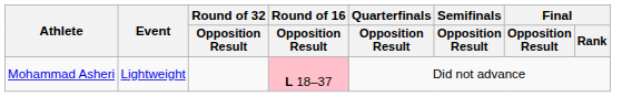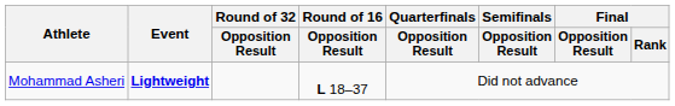 <table class="wikitable" style="font-size:90%">
 <tr>
 <th rowspan="2">Athlete</th>
 <th rowspan="2">Event</th>
 <th>Round of 32</th>
 <th>Round of 16</th>
 <th>Quarterfinals</th>
 <th>Semifinals</th>
 <th colspan=2>Final</th>
 </tr>
 <tr style="font-size:95%">
 <th>Opposition<br>Result</th>
 <th>Opposition<br>Result</th>
 <th>Opposition<br>Result</th>
 <th>Opposition<br>Result</th>
 <th>Opposition<br>Result</th>
 <th>Rank</th>
 </tr>
 <tr align=center>
 <td align=left><a href='#'>Mohammad Asheri</a></td>
-<td align=left><a href='#'>Lightweight</a></td>
+<td align=left><strong><a href='#'>Lightweight</a></strong></td>
 <td></td>
-<td style="background: pink;"><br><strong>L</strong> 18–37</td>
+<td><br><strong>L</strong> 18–37</td>
 <td colspan=4>Did not advance</td>
 </tr>
 </table>
